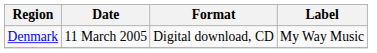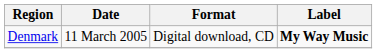 <table class=wikitable>
 <tr>
 <th>Region</th>
 <th>Date</th>
 <th>Format</th>
 <th>Label</th>
 </tr>
 <tr>
 <td><a href='#'>Denmark</a></td>
 <td>11 March 2005</td>
 <td>Digital download, CD</td>
-<td>My Way Music</td>
+<td><strong>My Way Music</strong></td>
 </tr>
 <tr>
 </tr>
 </table>
